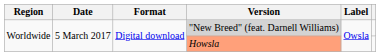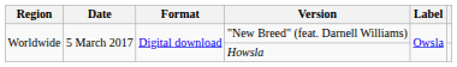 <table class="wikitable plainrowheaders">
 <tr>
 <th>Region</th>
 <th>Date</th>
 <th>Format</th>
 <th>Version</th>
 <th>Label</th>
 <th></th>
 </tr>
 <tr>
 <td rowspan="2" scope="row">Worldwide</td>
 <td rowspan="2">5 March 2017</td>
 <td rowspan="2"><a href='#'>Digital download</a></td>
-<td style="background: lightgrey;">"New Breed" (feat. Darnell Williams)</td>
+<td>"New Breed" (feat. Darnell Williams)</td>
 <td rowspan="2"><a href='#'>Owsla</a></td>
 <td></td>
 </tr>
 <tr>
-<td style="background: lightsalmon;"><em>Howsla</em></td>
+<td><em>Howsla</em></td>
 <td></td>
 </tr>
 </table>
